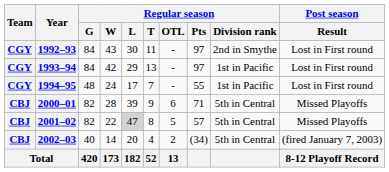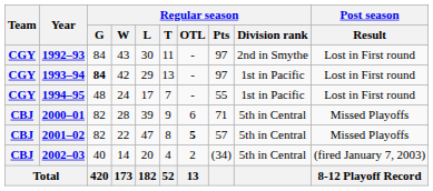 <table class="wikitable" style="font-size: 95%; text-align:center;">
 <tr>
 <th rowspan="2">Team</th>
 <th rowspan="2">Year</th>
 <th colspan="7"><a href='#'>Regular season</a></th>
 <th colspan="1"><a href='#'>Post season</a></th>
 </tr>
 <tr>
 <th>G</th>
 <th>W</th>
 <th>L</th>
 <th>T</th>
 <th>OTL</th>
 <th>Pts</th>
 <th>Division rank</th>
 <th>Result</th>
 </tr>
 <tr>
 <th><a href='#'>CGY</a></th>
 <th><a href='#'>1992–93</a></th>
 <td>84</td>
 <td>43</td>
 <td>30</td>
 <td>11</td>
 <td>-</td>
 <td>97</td>
 <td>2nd in Smythe</td>
 <td>Lost in First round</td>
 </tr>
 <tr>
 <th><a href='#'>CGY</a></th>
 <th><a href='#'>1993–94</a></th>
-<td>84</td>
+<td><strong>84</strong></td>
 <td>42</td>
 <td>29</td>
 <td>13</td>
 <td>-</td>
 <td>97</td>
 <td>1st in Pacific</td>
 <td>Lost in First round</td>
 </tr>
 <tr>
 <th><a href='#'>CGY</a></th>
 <th><a href='#'>1994–95</a></th>
 <td>48</td>
 <td>24</td>
 <td>17</td>
 <td>7</td>
 <td>-</td>
 <td>55</td>
 <td>1st in Pacific</td>
 <td>Lost in First round</td>
 </tr>
 <tr>
 <th><a href='#'>CBJ</a></th>
 <th><a href='#'>2000–01</a></th>
 <td>82</td>
 <td>28</td>
 <td>39</td>
 <td>9</td>
 <td>6</td>
 <td>71</td>
 <td>5th in Central</td>
 <td>Missed Playoffs</td>
 </tr>
 <tr>
 <th><a href='#'>CBJ</a></th>
 <th><a href='#'>2001–02</a></th>
 <td>82</td>
 <td>22</td>
-<td style="background: lightgrey;">47</td>
+<td>47</td>
 <td>8</td>
-<td>5</td>
+<td><strong>5</strong></td>
 <td>57</td>
 <td>5th in Central</td>
 <td>Missed Playoffs</td>
 </tr>
 <tr>
 <th><a href='#'>CBJ</a></th>
 <th><a href='#'>2002–03</a></th>
 <td>40</td>
 <td>14</td>
 <td>20</td>
 <td>4</td>
 <td>2</td>
 <td>(34)</td>
 <td>5th in Central</td>
 <td>(fired January 7, 2003)</td>
 </tr>
 <tr>
 <th colspan="2">Total</th>
 <th>420</th>
 <th>173</th>
 <th>182</th>
 <th>52</th>
 <th>13</th>
 <th></th>
 <th></th>
 <th>8-12 Playoff Record</th>
 </tr>
 </table>
